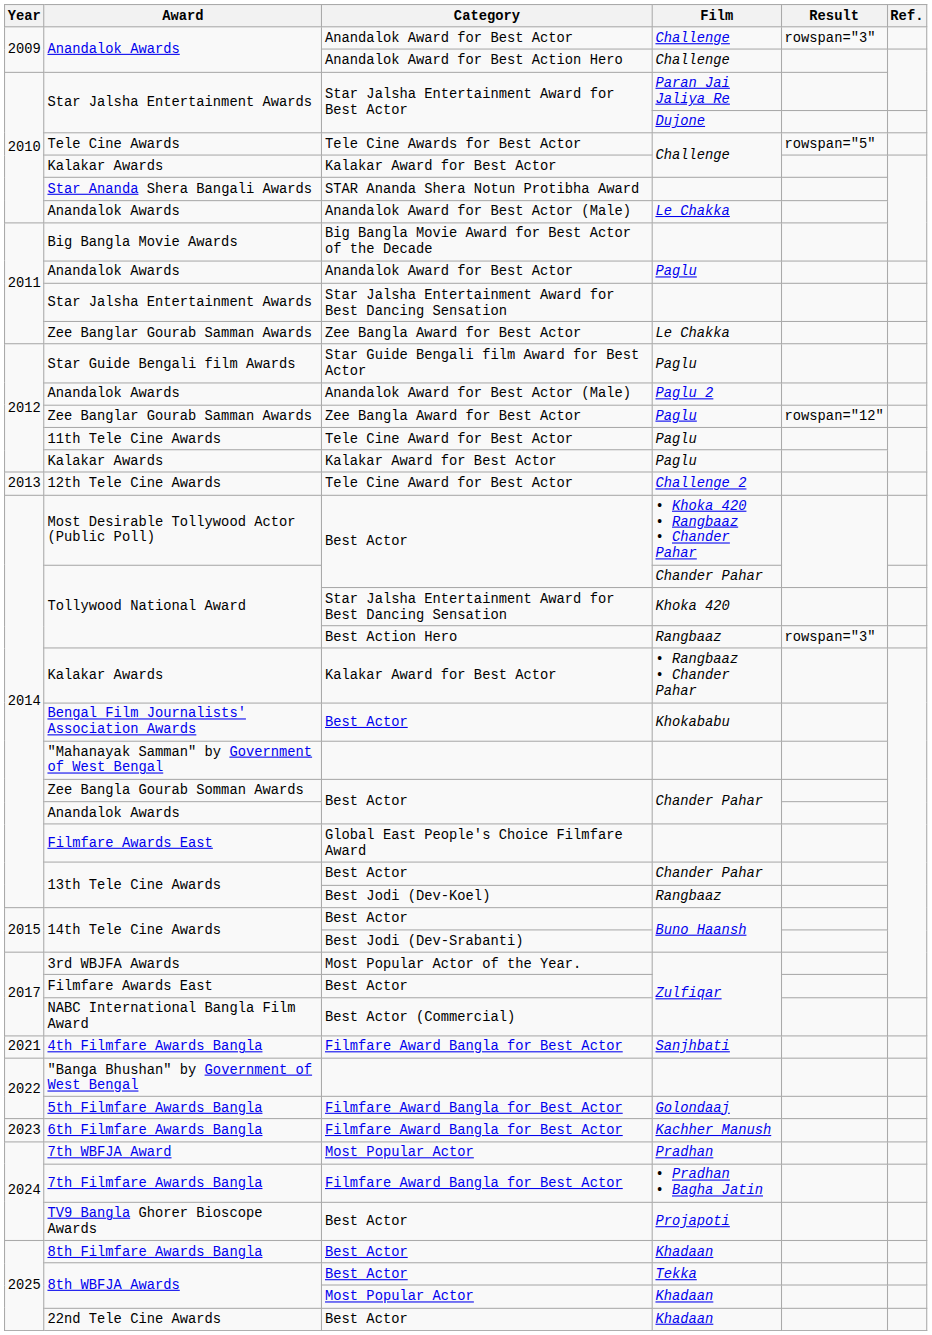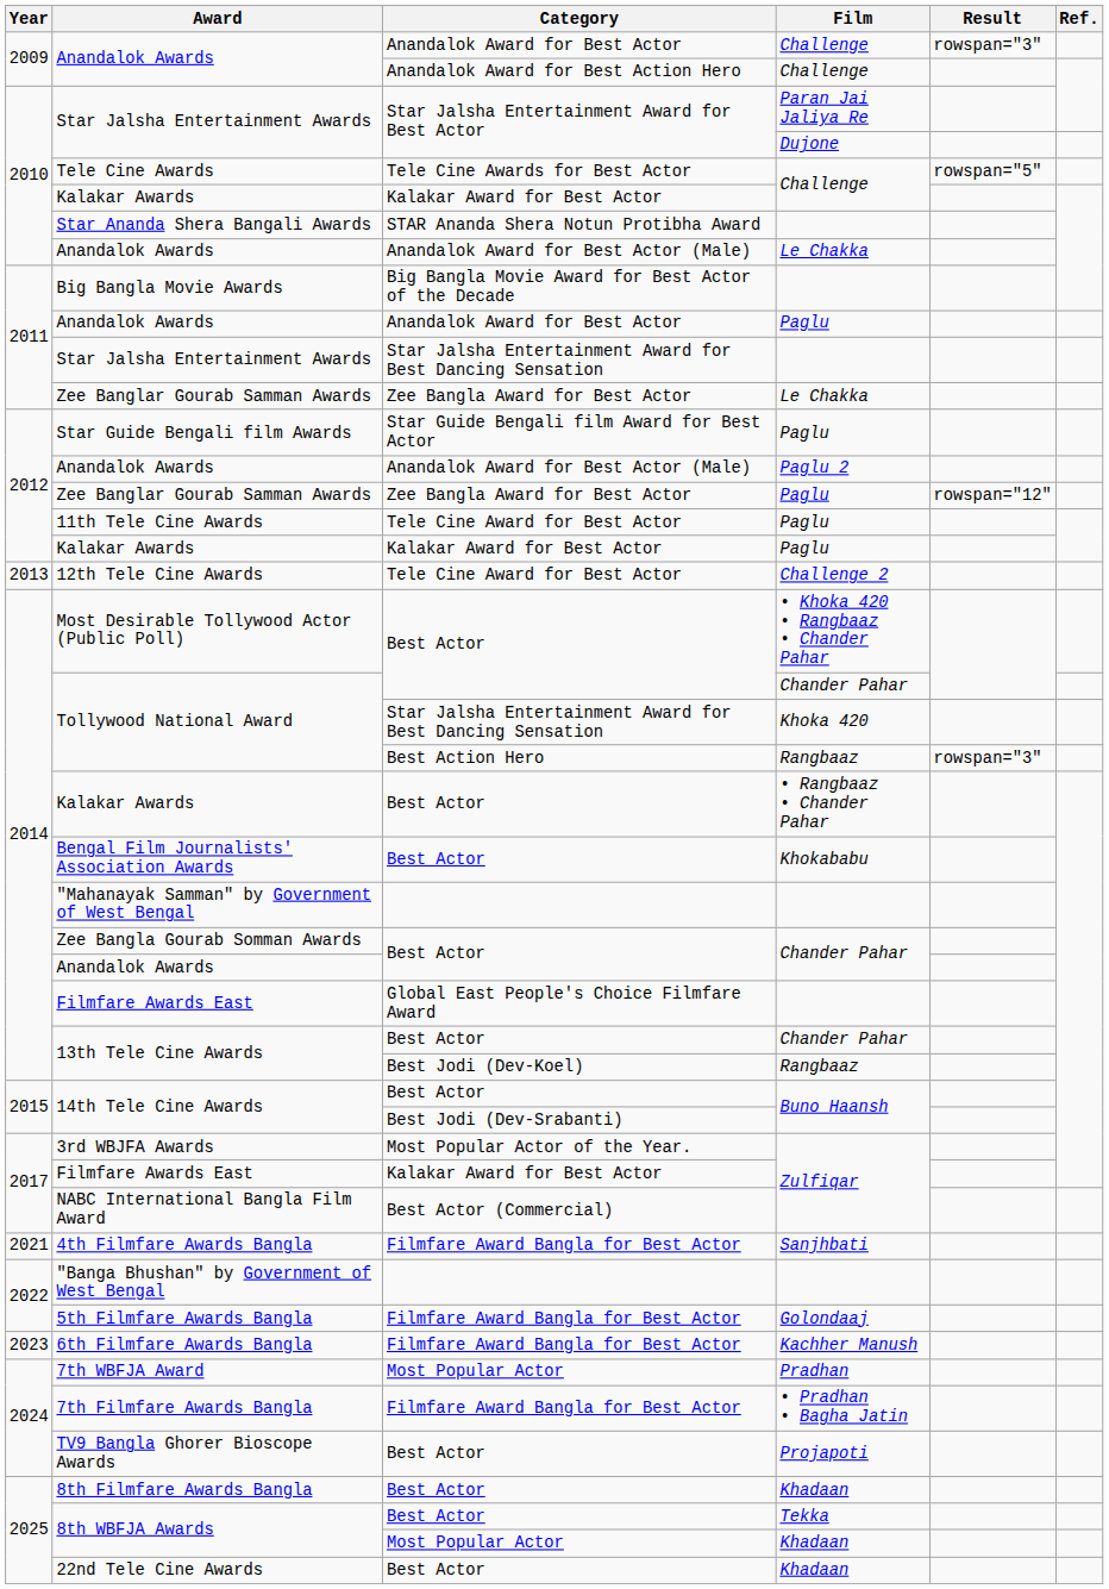 <table class="wikitable sortable">
 <tr>
 <th>Year</th>
 <th>Award</th>
 <th>Category</th>
 <th>Film</th>
 <th>Result</th>
 <th>Ref.</th>
 </tr>
 <tr>
 <td rowspan="2">2009</td>
 <td rowspan="2"><a href='#'>Anandalok Awards</a></td>
 <td>Anandalok Award for Best Actor</td>
 <td><em><a href='#'>Challenge</a></em></td>
 <td>rowspan="3" </td>
 <td></td>
 </tr>
 <tr>
 <td>Anandalok Award for Best Action Hero</td>
 <td><em>Challenge</em></td>
 <td></td>
 </tr>
 <tr>
 <td rowspan="6">2010</td>
 <td rowspan="2">Star Jalsha Entertainment Awards</td>
 <td rowspan="2">Star Jalsha Entertainment Award for Best Actor</td>
 <td><em><a href='#'>Paran Jai Jaliya Re</a></em></td>
 <td></td>
 </tr>
 <tr>
 <td><em><a href='#'>Dujone</a></em></td>
 <td></td>
 <td></td>
 </tr>
 <tr>
 <td>Tele Cine Awards</td>
 <td>Tele Cine Awards for Best Actor</td>
 <td rowspan="2"><em>Challenge</em></td>
 <td>rowspan="5" </td>
 <td></td>
 </tr>
 <tr>
 <td>Kalakar Awards</td>
 <td>Kalakar Award for Best Actor</td>
 <td></td>
 </tr>
 <tr>
 <td><a href='#'>Star Ananda</a> Shera Bangali Awards</td>
 <td>STAR Ananda Shera Notun Protibha Award</td>
 <td></td>
 <td></td>
 </tr>
 <tr>
 <td>Anandalok Awards</td>
 <td>Anandalok Award for Best Actor (Male)</td>
 <td><em><a href='#'>Le Chakka</a></em></td>
 <td></td>
 </tr>
 <tr>
 <td rowspan="4">2011</td>
 <td>Big Bangla Movie Awards</td>
 <td>Big Bangla Movie Award for Best Actor of the Decade</td>
 <td></td>
 <td></td>
 </tr>
 <tr>
 <td>Anandalok Awards</td>
 <td>Anandalok Award for Best Actor</td>
 <td><em><a href='#'>Paglu</a></em></td>
 <td></td>
 <td></td>
 </tr>
 <tr>
 <td>Star Jalsha Entertainment Awards</td>
 <td>Star Jalsha Entertainment Award for Best Dancing Sensation</td>
 <td></td>
 <td></td>
 <td></td>
 </tr>
 <tr>
 <td>Zee Banglar Gourab Samman Awards</td>
 <td>Zee Bangla Award for Best Actor</td>
 <td><em>Le Chakka</em></td>
 <td></td>
 <td></td>
 </tr>
 <tr>
 <td rowspan="5">2012</td>
 <td>Star Guide Bengali film Awards</td>
 <td>Star Guide Bengali film Award for Best Actor</td>
 <td><em>Paglu</em></td>
 <td></td>
 <td></td>
 </tr>
 <tr>
 <td>Anandalok Awards</td>
 <td>Anandalok Award for Best Actor (Male)</td>
 <td><em><a href='#'>Paglu 2</a></em></td>
 <td></td>
 <td></td>
 </tr>
 <tr>
 <td>Zee Banglar Gourab Samman Awards</td>
 <td>Zee Bangla Award for Best Actor</td>
 <td><em><a href='#'>Paglu</a></em></td>
 <td>rowspan="12" </td>
 <td></td>
 </tr>
 <tr>
 <td>11th Tele Cine Awards</td>
 <td>Tele Cine Award for Best Actor</td>
 <td><em>Paglu</em></td>
 <td></td>
 </tr>
 <tr>
 <td>Kalakar Awards</td>
 <td>Kalakar Award for Best Actor</td>
 <td><em>Paglu</em></td>
 <td></td>
 </tr>
 <tr>
 <td>2013</td>
 <td>12th Tele Cine Awards</td>
 <td>Tele Cine Award for Best Actor</td>
 <td><em><a href='#'>Challenge 2</a></em></td>
 <td></td>
 <td></td>
 </tr>
 <tr>
 <td rowspan="12">2014</td>
 <td>Most Desirable Tollywood Actor (Public Poll)</td>
 <td rowspan="2">Best Actor</td>
 <td>• <em><a href='#'>Khoka 420</a></em> <br> • <em><a href='#'>Rangbaaz</a></em> <br> • <em><a href='#'>Chander Pahar</a></em></td>
 <td rowspan="2"></td>
 <td></td>
 </tr>
 <tr>
 <td rowspan="3">Tollywood National Award</td>
 <td><em>Chander Pahar</em></td>
 <td></td>
 </tr>
 <tr>
 <td>Star Jalsha Entertainment Award for Best Dancing Sensation</td>
 <td><em>Khoka 420</em></td>
 <td></td>
 <td></td>
 </tr>
 <tr>
 <td>Best Action Hero</td>
 <td><em>Rangbaaz</em></td>
 <td>rowspan="3" </td>
 <td></td>
 </tr>
 <tr>
 <td>Kalakar Awards</td>
-<td>Kalakar Award for Best Actor</td>
+<td>Best Actor</td>
 <td>• <em>Rangbaaz</em> <br> • <em>Chander Pahar</em></td>
 <td></td>
 </tr>
 <tr>
 <td><a href='#'>Bengal Film Journalists' Association Awards</a></td>
 <td><a href='#'>Best Actor</a></td>
 <td><em>Khokababu</em></td>
 <td></td>
 </tr>
 <tr>
 <td>"Mahanayak Samman" by <a href='#'>Government of West Bengal</a></td>
 <td></td>
 <td></td>
 <td></td>
 </tr>
 <tr>
 <td>Zee Bangla Gourab Somman Awards</td>
 <td rowspan="2">Best Actor</td>
 <td rowspan="2"><em>Chander Pahar</em></td>
 <td></td>
 </tr>
 <tr>
 <td>Anandalok Awards</td>
 <td></td>
 </tr>
 <tr>
 <td><a href='#'>Filmfare Awards East</a></td>
 <td>Global East People's Choice Filmfare Award</td>
 <td></td>
 <td></td>
 </tr>
 <tr>
 <td rowspan="2">13th Tele Cine Awards</td>
 <td>Best Actor</td>
 <td><em>Chander Pahar</em></td>
 <td></td>
 </tr>
 <tr>
 <td>Best Jodi (Dev-Koel)</td>
 <td><em>Rangbaaz</em></td>
 <td></td>
 </tr>
 <tr>
 <td rowspan="2">2015</td>
 <td rowspan="2">14th Tele Cine Awards</td>
 <td>Best Actor</td>
 <td rowspan="2"><em><a href='#'>Buno Haansh</a></em></td>
 <td></td>
 </tr>
 <tr>
 <td>Best Jodi (Dev-Srabanti)</td>
 <td></td>
 </tr>
 <tr>
 <td rowspan="3">2017</td>
 <td>3rd WBJFA Awards</td>
 <td>Most Popular Actor of the Year.</td>
 <td rowspan="3"><em><a href='#'>Zulfiqar</a></em></td>
 <td></td>
 </tr>
 <tr>
 <td>Filmfare Awards East</td>
-<td>Best Actor</td>
+<td>Kalakar Award for Best Actor</td>
 <td></td>
 </tr>
 <tr>
 <td>NABC International Bangla Film Award</td>
 <td>Best Actor (Commercial)</td>
 <td></td>
 <td></td>
 </tr>
 <tr>
 <td>2021</td>
 <td><a href='#'>4th Filmfare Awards Bangla</a></td>
 <td><a href='#'>Filmfare Award Bangla for Best Actor</a></td>
 <td><em><a href='#'>Sanjhbati</a></em></td>
 <td></td>
 <td></td>
 </tr>
 <tr>
 <td rowspan="2">2022</td>
 <td>"Banga Bhushan" by <a href='#'>Government of West Bengal</a></td>
 <td></td>
 <td></td>
 <td></td>
 <td></td>
 </tr>
 <tr>
 <td><a href='#'>5th Filmfare Awards Bangla</a></td>
 <td><a href='#'>Filmfare Award Bangla for Best Actor</a></td>
 <td><em><a href='#'>Golondaaj</a></em></td>
 <td></td>
 <td></td>
 </tr>
 <tr>
 <td>2023</td>
 <td><a href='#'>6th Filmfare Awards Bangla</a></td>
 <td><a href='#'>Filmfare Award Bangla for Best Actor</a></td>
 <td><em><a href='#'>Kachher Manush</a></em></td>
 <td></td>
 <td></td>
 </tr>
 <tr>
 <td rowspan="3">2024</td>
 <td><a href='#'>7th WBFJA Award</a></td>
 <td><a href='#'>Most Popular Actor</a></td>
 <td><a href='#'><em>Pradhan</em></a></td>
 <td></td>
 <td></td>
 </tr>
 <tr>
 <td><a href='#'>7th Filmfare Awards Bangla</a></td>
 <td><a href='#'>Filmfare Award Bangla for Best Actor</a></td>
 <td>• <a href='#'><em>Pradhan</em></a> <br> • <a href='#'><em>Bagha Jatin</em></a></td>
 <td></td>
 <td></td>
 </tr>
 <tr>
 <td><a href='#'>TV9 Bangla</a> Ghorer Bioscope Awards</td>
 <td>Best Actor</td>
 <td><a href='#'><em>Projapoti</em></a></td>
 <td></td>
 <td></td>
 </tr>
 <tr>
 <td rowspan="4">2025</td>
 <td><a href='#'>8th Filmfare Awards Bangla</a></td>
 <td><a href='#'>Best Actor</a></td>
 <td><em><a href='#'>Khadaan</a></em></td>
 <td></td>
 <td></td>
 </tr>
 <tr>
 <td rowspan="2"><a href='#'>8th WBFJA Awards</a></td>
 <td><a href='#'>Best Actor</a></td>
 <td><em><a href='#'>Tekka</a></em></td>
 <td></td>
 <td></td>
 </tr>
 <tr>
 <td><a href='#'>Most Popular Actor</a></td>
 <td><em><a href='#'>Khadaan</a></em></td>
 <td></td>
 <td></td>
 </tr>
 <tr>
 <td>22nd Tele Cine Awards</td>
 <td>Best Actor</td>
 <td><em><a href='#'>Khadaan</a></em></td>
 <td></td>
 <td></td>
 </tr>
 </table>
